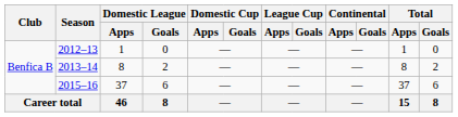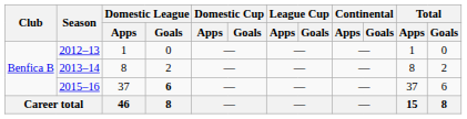 <table class="wikitable" style="text-align: center;">
 <tr>
 <th rowspan="2">Club</th>
 <th rowspan="2">Season</th>
 <th colspan="2">Domestic League</th>
 <th colspan="2">Domestic Cup</th>
 <th colspan="2">League Cup</th>
 <th colspan="2">Continental</th>
 <th colspan="2">Total</th>
 </tr>
 <tr>
 <th>Apps</th>
 <th>Goals</th>
 <th>Apps</th>
 <th>Goals</th>
 <th>Apps</th>
 <th>Goals</th>
 <th>Apps</th>
 <th>Goals</th>
 <th>Apps</th>
 <th>Goals</th>
 </tr>
 <tr>
 <td rowspan="3" valign="center"><a href='#'>Benfica B</a></td>
 <td><a href='#'>2012–13</a></td>
 <td>1</td>
 <td>0</td>
 <td colspan="2">—</td>
 <td colspan="2">—</td>
 <td colspan="2">—</td>
 <td>1</td>
 <td>0</td>
 </tr>
 <tr>
 <td><a href='#'>2013–14</a></td>
 <td>8</td>
 <td>2</td>
 <td colspan="2">—</td>
 <td colspan="2">—</td>
 <td colspan="2">—</td>
 <td>8</td>
 <td>2</td>
 </tr>
 <tr>
 <td><a href='#'>2015–16</a></td>
 <td>37</td>
-<td>6</td>
+<td><strong>6</strong></td>
 <td colspan="2">—</td>
 <td colspan="2">—</td>
 <td colspan="2">—</td>
 <td>37</td>
 <td>6</td>
 </tr>
 <tr>
 <th colspan="2">Career total</th>
 <th>46</th>
 <th>8</th>
 <th colspan="2">—</th>
 <th colspan="2">—</th>
 <th colspan="2">—</th>
 <th>15</th>
 <th>8</th>
 </tr>
 </table>
